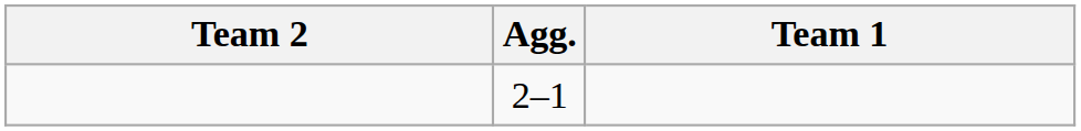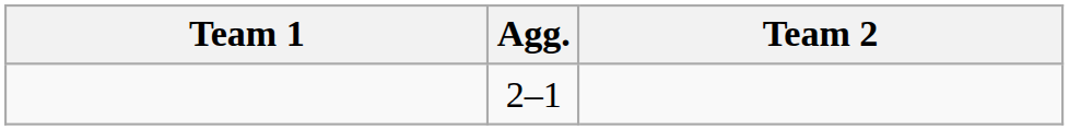 <table class="wikitable" style="text-align:center">
 <tr>
+<th width=200>Team 1</th>
+<th>Agg.</th>
 <th width=200>Team 2</th>
-<th>Agg.</th>
-<th width=200>Team 1</th>
 </tr>
 <tr>
+<td align=right><strong></strong></td>
+<td>2–1</td>
 <td align=left></td>
-<td>2–1</td>
-<td align=right><strong></strong></td>
 </tr>
 </table>
